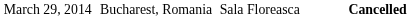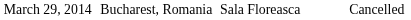 <table cellpadding="2" style="border: 0px solid darkgray; font-size:90%">
 <tr>
 <th width="150"></th>
 <th width="175"></th>
 <th width="200"></th>
 <th width="450"></th>
 </tr>
 <tr border="0">
 <td>March 29, 2014</td>
 <td>Bucharest, Romania</td>
 <td>Sala Floreasca</td>
-<td><strong>Cancelled</strong></td>
+<td>Cancelled</td>
 </tr>
 </table>
